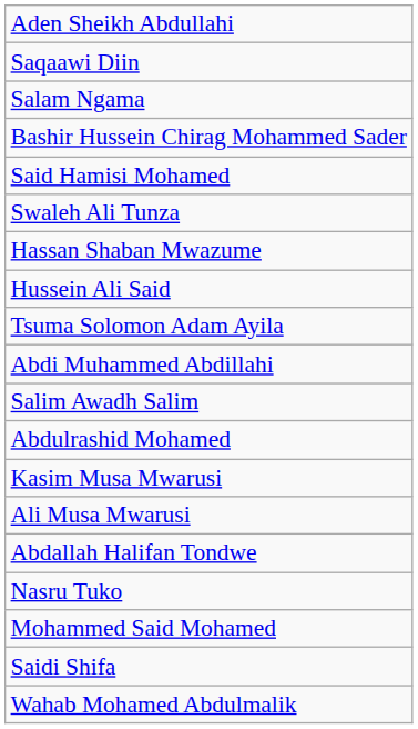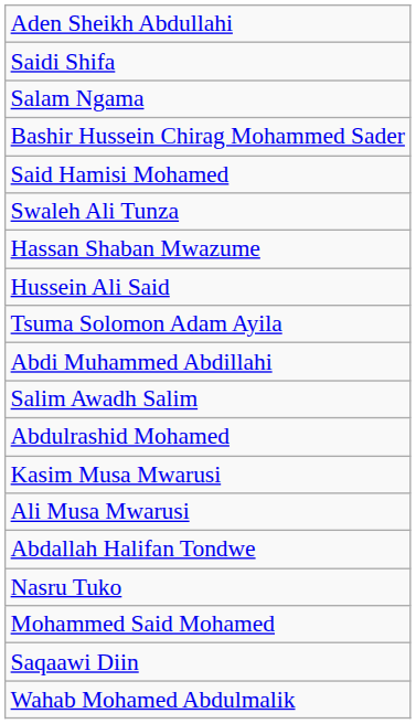 <table class="wikitable" border="1">
 <tr>
 <td><a href='#'>Aden Sheikh Abdullahi</a></td>
 </tr>
 <tr>
-<td><a href='#'>Saqaawi Diin</a></td>
+<td><a href='#'>Saidi Shifa</a></td>
 </tr>
 <tr>
 <td><a href='#'>Salam Ngama</a></td>
 </tr>
 <tr>
 <td><a href='#'>Bashir Hussein Chirag Mohammed Sader</a></td>
 </tr>
 <tr>
 <td><a href='#'>Said Hamisi Mohamed</a></td>
 </tr>
 <tr>
 <td><a href='#'>Swaleh Ali Tunza</a></td>
 </tr>
 <tr>
 <td><a href='#'>Hassan Shaban Mwazume</a></td>
 </tr>
 <tr>
 <td><a href='#'>Hussein Ali Said</a></td>
 </tr>
 <tr>
 <td><a href='#'>Tsuma Solomon Adam Ayila</a></td>
 </tr>
 <tr>
 <td><a href='#'>Abdi Muhammed Abdillahi</a></td>
 </tr>
 <tr>
 <td><a href='#'>Salim Awadh Salim</a></td>
 </tr>
 <tr>
 <td><a href='#'>Abdulrashid Mohamed</a></td>
 </tr>
 <tr>
 <td><a href='#'>Kasim Musa Mwarusi</a></td>
 </tr>
 <tr>
 <td><a href='#'>Ali Musa Mwarusi</a></td>
 </tr>
 <tr>
 <td><a href='#'>Abdallah Halifan Tondwe</a></td>
 </tr>
 <tr>
 <td><a href='#'>Nasru Tuko</a></td>
 </tr>
 <tr>
 <td><a href='#'>Mohammed Said Mohamed</a></td>
 </tr>
 <tr>
-<td><a href='#'>Saidi Shifa</a></td>
+<td><a href='#'>Saqaawi Diin</a></td>
 </tr>
 <tr>
 <td><a href='#'>Wahab Mohamed Abdulmalik</a></td>
 </tr>
 </table>
